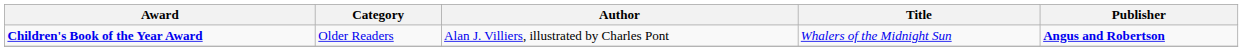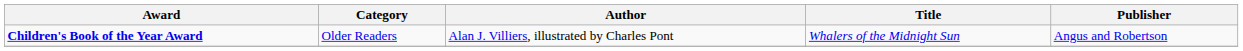 <table class="wikitable" width=95%>
 <tr>
 <th>Award</th>
 <th>Category</th>
 <th>Author</th>
 <th>Title</th>
 <th>Publisher</th>
 </tr>
 <tr>
 <td><strong><a href='#'>Children's Book of the Year Award</a></strong></td>
 <td><a href='#'>Older Readers</a></td>
 <td><a href='#'>Alan J. Villiers</a>, illustrated by Charles Pont</td>
 <td><em><a href='#'>Whalers of the Midnight Sun</a></em></td>
-<td><strong><a href='#'>Angus and Robertson</a></strong></td>
+<td><a href='#'>Angus and Robertson</a></td>
 </tr>
 <tr>
 </tr>
 </table>
